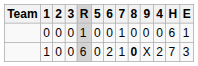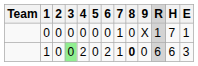 <table class="wikitable">
 <tr>
 <th>Team</th>
 <th>1</th>
 <th>2</th>
 <th>3</th>
-<th style="background-color:lightgrey">R</th>
+<th>4</th>
 <th>5</th>
 <th>6</th>
 <th>7</th>
 <th>8</th>
 <th>9</th>
-<th>4</th>
+<th style="background-color:lightgrey">R</th>
 <th>H</th>
 <th>E</th>
 </tr>
 <tr>
 <td></td>
 <td>0</td>
 <td>0</td>
 <td>0</td>
-<td style="background-color:lightgrey">1</td>
+<td>0</td>
 <td>0</td>
 <td>0</td>
 <td>1</td>
 <td>0</td>
-<td>0</td>
-<td>0</td>
-<td>6</td>
+<td>X</td>
+<td style="background-color:lightgrey">1</td>
+<td>7</td>
 <td>1</td>
 </tr>
 <tr>
 <td></td>
 <td>1</td>
 <td>0</td>
-<td>0</td>
-<td style="background-color:lightgrey">6</td>
+<td style="background: lightgreen;">0</td>
+<td>2</td>
 <td>0</td>
 <td>2</td>
 <td>1</td>
 <td><strong>0</strong></td>
-<td>X</td>
-<td>2</td>
-<td>7</td>
+<td>0</td>
+<td style="background-color:lightgrey">6</td>
+<td>6</td>
 <td>3</td>
 </tr>
 </table>
